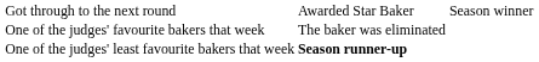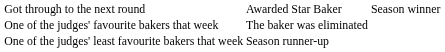 <table>
 <tr>
 <td> Got through to the next round</td>
 <td> Awarded Star Baker</td>
 <td> Season winner</td>
 </tr>
 <tr>
 <td> One of the judges' favourite bakers that week</td>
 <td> The baker was eliminated</td>
 </tr>
 <tr>
 <td> One of the judges' least favourite bakers that week</td>
-<td><strong> Season runner-up</strong></td>
+<td> Season runner-up</td>
 </tr>
 <tr>
 </tr>
 </table>
